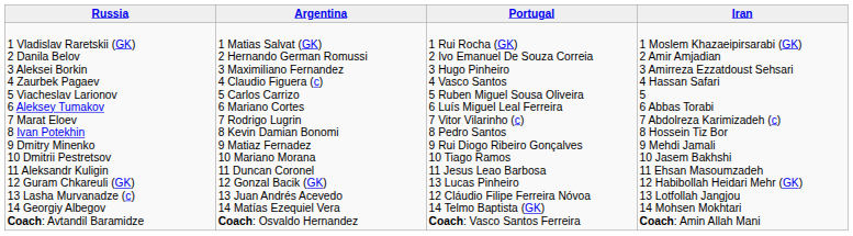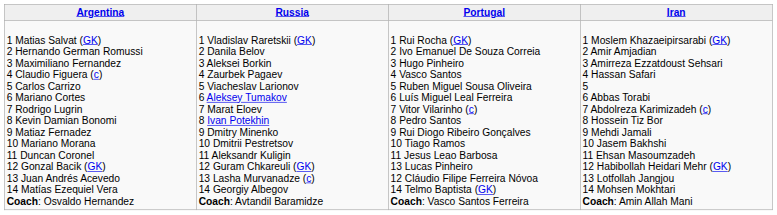 <table class="wikitable mw-collapsible mw-collapsed" cellpadding=5 cellspacing=0 style="width:95%">
 <tr align=center>
+<td bgcolor="#efefef" width="200"><strong> <a href='#'>Argentina</a></strong></td>
 <td bgcolor="#efefef" width="200"><strong> <a href='#'>Russia</a> </strong></td>
-<td bgcolor="#efefef" width="200"><strong> <a href='#'>Argentina</a></strong></td>
 <td bgcolor="#efefef" width="200"><strong> <a href='#'>Portugal</a></strong></td>
 <td bgcolor="#efefef" width="200"><strong> <a href='#'>Iran</a></strong></td>
 </tr>
 <tr valign=top>
+<td><br>1 Matias Salvat (<a href='#'>GK</a>)<br> 2 Hernando German Romussi<br> 3 Maximiliano Fernandez<br> 4 Claudio Figuera (<a href='#'>c</a>)<br> 5 Carlos Carrizo<br> 6 Mariano Cortes<br> 7 Rodrigo Lugrin<br> 8 Kevin Damian Bonomi<br> 9 Matiaz Fernadez<br> 10 Mariano Morana<br> 11 Duncan Coronel<br> 12 Gonzal Bacik (<a href='#'>GK</a>)<br> 13 Juan Andrés Acevedo<br> 14 Matías Ezequiel Vera<br> <strong>Coach</strong>: Osvaldo Hernandez</td>
 <td><br>1 Vladislav Raretskii (<a href='#'>GK</a>)<br> 2 Danila Belov<br> 3 Aleksei Borkin<br> 4 Zaurbek Pagaev<br> 5 Viacheslav Larionov<br> 6 <a href='#'>Aleksey Tumakov</a><br> 7 Marat Eloev<br> 8 <a href='#'>Ivan Potekhin</a><br> 9 Dmitry Minenko<br> 10 Dmitrii Pestretsov<br> 11 Aleksandr Kuligin<br> 12 Guram Chkareuli (<a href='#'>GK</a>)<br> 13 Lasha Murvanadze (<a href='#'>c</a>)<br> 14 Georgiy Albegov<br> <strong>Coach</strong>: Avtandil Baramidze</td>
-<td><br>1 Matias Salvat (<a href='#'>GK</a>)<br> 2 Hernando German Romussi<br> 3 Maximiliano Fernandez<br> 4 Claudio Figuera (<a href='#'>c</a>)<br> 5 Carlos Carrizo<br> 6 Mariano Cortes<br> 7 Rodrigo Lugrin<br> 8 Kevin Damian Bonomi<br> 9 Matiaz Fernadez<br> 10 Mariano Morana<br> 11 Duncan Coronel<br> 12 Gonzal Bacik (<a href='#'>GK</a>)<br> 13 Juan Andrés Acevedo<br> 14 Matías Ezequiel Vera<br> <strong>Coach</strong>: Osvaldo Hernandez</td>
 <td><br>1 Rui Rocha (<a href='#'>GK</a>)<br> 2 Ivo Emanuel De Souza Correia<br> 3 Hugo Pinheiro<br> 4 Vasco Santos<br> 5 Ruben Miguel Sousa Oliveira<br> 6 Luís Miguel Leal Ferreira<br> 7 Vitor Vilarinho (<a href='#'>c</a>)<br> 8 Pedro Santos<br> 9 Rui Diogo Ribeiro Gonçalves<br> 10 Tiago Ramos<br> 11 Jesus Leao Barbosa<br> 13 Lucas Pinheiro<br> 12 Cláudio Filipe Ferreira Nóvoa<br> 14 Telmo Baptista (<a href='#'>GK</a>)<br> <strong>Coach</strong>: Vasco Santos Ferreira</td>
 <td><br>1 Moslem Khazaeipirsarabi (<a href='#'>GK</a>)<br> 2 Amir Amjadian<br> 3 Amirreza Ezzatdoust Sehsari<br> 4 Hassan Safari<br> 5 <br> 6 Abbas Torabi<br> 7 Abdolreza Karimizadeh (<a href='#'>c</a>)<br> 8 Hossein Tiz Bor<br> 9 Mehdi Jamali<br> 10 Jasem Bakhshi<br> 11 Ehsan Masoumzadeh<br> 12 Habibollah Heidari Mehr (<a href='#'>GK</a>)<br> 13 Lotfollah Jangjou<br> 14 Mohsen Mokhtari<br> <strong>Coach</strong>: Amin Allah Mani</td>
 </tr>
 </table>
